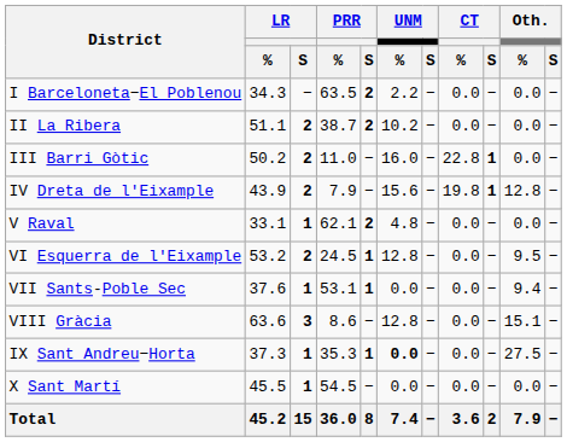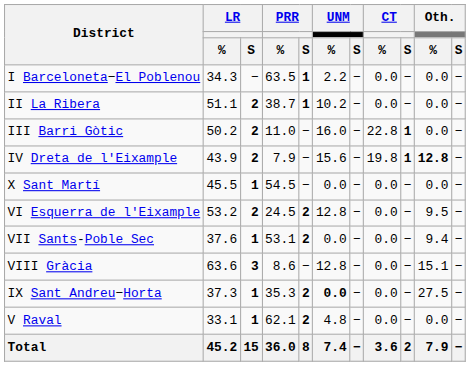 <table class='wikitable sortable' style='text-align:right; font-size:95%; line-height:20px;'>
 <tr>
 <th rowspan='3'>District</th>
 <th colspan='2' width='30px'><a href='#'>LR</a></th>
 <th colspan='2' width='30px'><a href='#'>PRR</a></th>
 <th colspan='2' width='30px'><a href='#'>UNM</a></th>
 <th colspan='2' width='30px'><a href='#'>CT</a></th>
 <th colspan='2' width='30px'>Oth.</th>
 </tr>
 <tr>
 <th colspan='2' style='background:'></th>
 <th colspan='2' style='background:'></th>
 <th colspan='2' style='background:#000000'></th>
 <th colspan='2' style='background:'></th>
 <th colspan='2' style='background:#777777'></th>
 </tr>
 <tr>
 <th data-sort-type='number'>%</th>
 <th data-sort-type='number'>S</th>
 <th data-sort-type='number'>%</th>
 <th data-sort-type='number'>S</th>
 <th data-sort-type='number'>%</th>
 <th data-sort-type='number'>S</th>
 <th data-sort-type='number'>%</th>
 <th data-sort-type='number'>S</th>
 <th data-sort-type='number'>%</th>
 <th data-sort-type='number'>S</th>
 </tr>
 <tr>
 <td style='text-align: left;'>I <a href='#'>Barceloneta</a>−<a href='#'>El Poblenou</a></td>
 <td style='text-align: right;'>34.3</td>
 <td style='text-align: right;'>−</td>
 <td style='text-align: right;'>63.5</td>
-<td style='text-align: right;'><strong>2</strong></td>
+<td style='text-align: right;'><strong>1</strong></td>
 <td style='text-align: right;'>2.2</td>
 <td style='text-align: right;'>−</td>
 <td style='text-align: right;'>0.0</td>
 <td style='text-align: right;'>−</td>
 <td style='text-align: right;'>0.0</td>
 <td style='text-align: right;'>−</td>
 </tr>
 <tr>
 <td style='text-align: left;'>II <a href='#'>La Ribera</a></td>
 <td style='text-align: right;'>51.1</td>
 <td style='text-align: right;'><strong>2</strong></td>
 <td style='text-align: right;'>38.7</td>
-<td style='text-align: right;'><strong>2</strong></td>
+<td style='text-align: right;'><strong>1</strong></td>
 <td style='text-align: right;'>10.2</td>
 <td style='text-align: right;'>−</td>
 <td style='text-align: right;'>0.0</td>
 <td style='text-align: right;'>−</td>
 <td style='text-align: right;'>0.0</td>
 <td style='text-align: right;'>−</td>
 </tr>
 <tr>
 <td style='text-align: left;'>III <a href='#'>Barri Gòtic</a></td>
 <td style='text-align: right;'>50.2</td>
 <td style='text-align: right;'><strong>2</strong></td>
 <td style='text-align: right;'>11.0</td>
 <td style='text-align: right;'>−</td>
 <td style='text-align: right;'>16.0</td>
 <td style='text-align: right;'>−</td>
 <td style='text-align: right;'>22.8</td>
 <td style='text-align: right;'><strong>1</strong></td>
 <td style='text-align: right;'>0.0</td>
 <td style='text-align: right;'>−</td>
 </tr>
 <tr>
 <td style='text-align: left;'>IV <a href='#'>Dreta de l'Eixample</a></td>
 <td style='text-align: right;'>43.9</td>
 <td style='text-align: right;'><strong>2</strong></td>
 <td style='text-align: right;'>7.9</td>
 <td style='text-align: right;'>−</td>
 <td style='text-align: right;'>15.6</td>
 <td style='text-align: right;'>−</td>
 <td style='text-align: right;'>19.8</td>
 <td style='text-align: right;'><strong>1</strong></td>
-<td style='text-align: right;'>12.8</td>
+<td style='text-align: right;'><strong>12.8</strong></td>
 <td style='text-align: right;'>−</td>
 </tr>
 <tr>
-<td style='text-align: left;'>V <a href='#'>Raval</a></td>
-<td style='text-align: right;'>33.1</td>
+<td style='text-align: left;'>X <a href='#'>Sant Martí</a></td>
+<td style='text-align: right;'>45.5</td>
 <td style='text-align: right;'><strong>1</strong></td>
-<td style='text-align: right;'>62.1</td>
-<td style='text-align: right;'><strong>2</strong></td>
-<td style='text-align: right;'>4.8</td>
+<td style='text-align: right;'>54.5</td>
+<td style='text-align: right;'>−</td>
+<td style='text-align: right;'>0.0</td>
 <td style='text-align: right;'>−</td>
 <td style='text-align: right;'>0.0</td>
 <td style='text-align: right;'>−</td>
 <td style='text-align: right;'>0.0</td>
 <td style='text-align: right;'>−</td>
 </tr>
 <tr>
 <td style='text-align: left;'>VI <a href='#'>Esquerra de l'Eixample</a></td>
 <td style='text-align: right;'>53.2</td>
 <td style='text-align: right;'><strong>2</strong></td>
 <td style='text-align: right;'>24.5</td>
-<td style='text-align: right;'><strong>1</strong></td>
+<td style='text-align: right;'><strong>2</strong></td>
 <td style='text-align: right;'>12.8</td>
 <td style='text-align: right;'>−</td>
 <td style='text-align: right;'>0.0</td>
 <td style='text-align: right;'>−</td>
 <td style='text-align: right;'>9.5</td>
 <td style='text-align: right;'>−</td>
 </tr>
 <tr>
 <td style='text-align: left;'>VII <a href='#'>Sants</a>-<a href='#'>Poble Sec</a></td>
 <td style='text-align: right;'>37.6</td>
 <td style='text-align: right;'><strong>1</strong></td>
 <td style='text-align: right;'>53.1</td>
-<td style='text-align: right;'><strong>1</strong></td>
+<td style='text-align: right;'><strong>2</strong></td>
 <td style='text-align: right;'>0.0</td>
 <td style='text-align: right;'>−</td>
 <td style='text-align: right;'>0.0</td>
 <td style='text-align: right;'>−</td>
 <td style='text-align: right;'>9.4</td>
 <td style='text-align: right;'>−</td>
 </tr>
 <tr>
 <td style='text-align: left;'>VIII <a href='#'>Gràcia</a></td>
 <td style='text-align: right;'>63.6</td>
 <td style='text-align: right;'><strong>3</strong></td>
 <td style='text-align: right;'>8.6</td>
 <td style='text-align: right;'>−</td>
 <td style='text-align: right;'>12.8</td>
 <td style='text-align: right;'>−</td>
 <td style='text-align: right;'>0.0</td>
 <td style='text-align: right;'>−</td>
 <td style='text-align: right;'>15.1</td>
 <td style='text-align: right;'>−</td>
 </tr>
 <tr>
 <td style='text-align: left;'>IX <a href='#'>Sant Andreu</a>−<a href='#'>Horta</a></td>
 <td style='text-align: right;'>37.3</td>
 <td style='text-align: right;'><strong>1</strong></td>
 <td style='text-align: right;'>35.3</td>
-<td style='text-align: right;'><strong>1</strong></td>
+<td style='text-align: right;'><strong>2</strong></td>
 <td style='text-align: right;'><strong>0.0</strong></td>
 <td style='text-align: right;'>−</td>
 <td style='text-align: right;'>0.0</td>
 <td style='text-align: right;'>−</td>
 <td style='text-align: right;'>27.5</td>
 <td style='text-align: right;'>−</td>
 </tr>
 <tr>
-<td style='text-align: left;'>X <a href='#'>Sant Martí</a></td>
-<td style='text-align: right;'>45.5</td>
+<td style='text-align: left;'>V <a href='#'>Raval</a></td>
+<td style='text-align: right;'>33.1</td>
 <td style='text-align: right;'><strong>1</strong></td>
-<td style='text-align: right;'>54.5</td>
-<td style='text-align: right;'>−</td>
-<td style='text-align: right;'>0.0</td>
+<td style='text-align: right;'>62.1</td>
+<td style='text-align: right;'><strong>2</strong></td>
+<td style='text-align: right;'>4.8</td>
 <td style='text-align: right;'>−</td>
 <td style='text-align: right;'>0.0</td>
 <td style='text-align: right;'>−</td>
 <td style='text-align: right;'>0.0</td>
 <td style='text-align: right;'>−</td>
 </tr>
 <tr>
 <th style='text-align: left;'>Total</th>
 <th style='text-align: right;'>45.2</th>
 <th style='text-align: right;'><strong>15</strong></th>
 <th style='text-align: right;'>36.0</th>
 <th style='text-align: right;'><strong>8</strong></th>
 <th style='text-align: right;'>7.4</th>
 <th style='text-align: right;'>−</th>
 <th style='text-align: right;'>3.6</th>
 <th style='text-align: right;'><strong>2</strong></th>
 <th style='text-align: right;'>7.9</th>
 <th style='text-align: right;'>−</th>
 </tr>
 </table>
